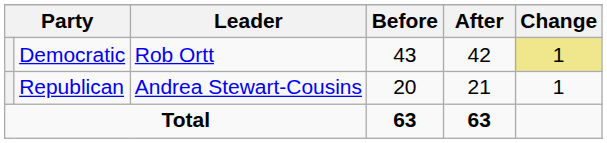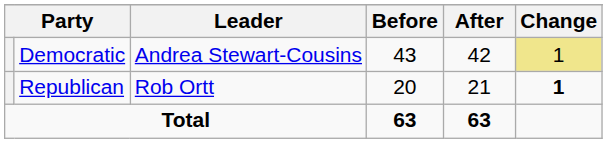 <table class="wikitable" style="text-align:center;">
 <tr>
 </tr>
 <tr>
 <th colspan=2>Party</th>
 <th>Leader</th>
 <th style="width:3em">Before</th>
 <th style="width:3em">After</th>
 <th style="width:3em">Change</th>
 </tr>
 <tr>
 <th style="background-color:"></th>
 <td style="text-align:left;"><a href='#'>Democratic</a></td>
-<td style="text-align:left;"><a href='#'>Rob Ortt</a></td>
+<td style="text-align:left;"><a href='#'>Andrea Stewart-Cousins</a></td>
 <td>43</td>
 <td>42</td>
 <td style="background: khaki;">1</td>
 </tr>
 <tr>
 <th style="background-color:"></th>
 <td style="text-align:left;"><a href='#'>Republican</a></td>
-<td style="text-align:left;"><a href='#'>Andrea Stewart-Cousins</a></td>
+<td style="text-align:left;"><a href='#'>Rob Ortt</a></td>
 <td>20</td>
 <td>21</td>
-<td>1</td>
+<td><strong>1</strong></td>
 </tr>
 <tr>
 <td colspan=3><strong>Total</strong></td>
 <td><strong>63</strong></td>
 <td><strong>63</strong></td>
 <td></td>
 </tr>
 </table>
